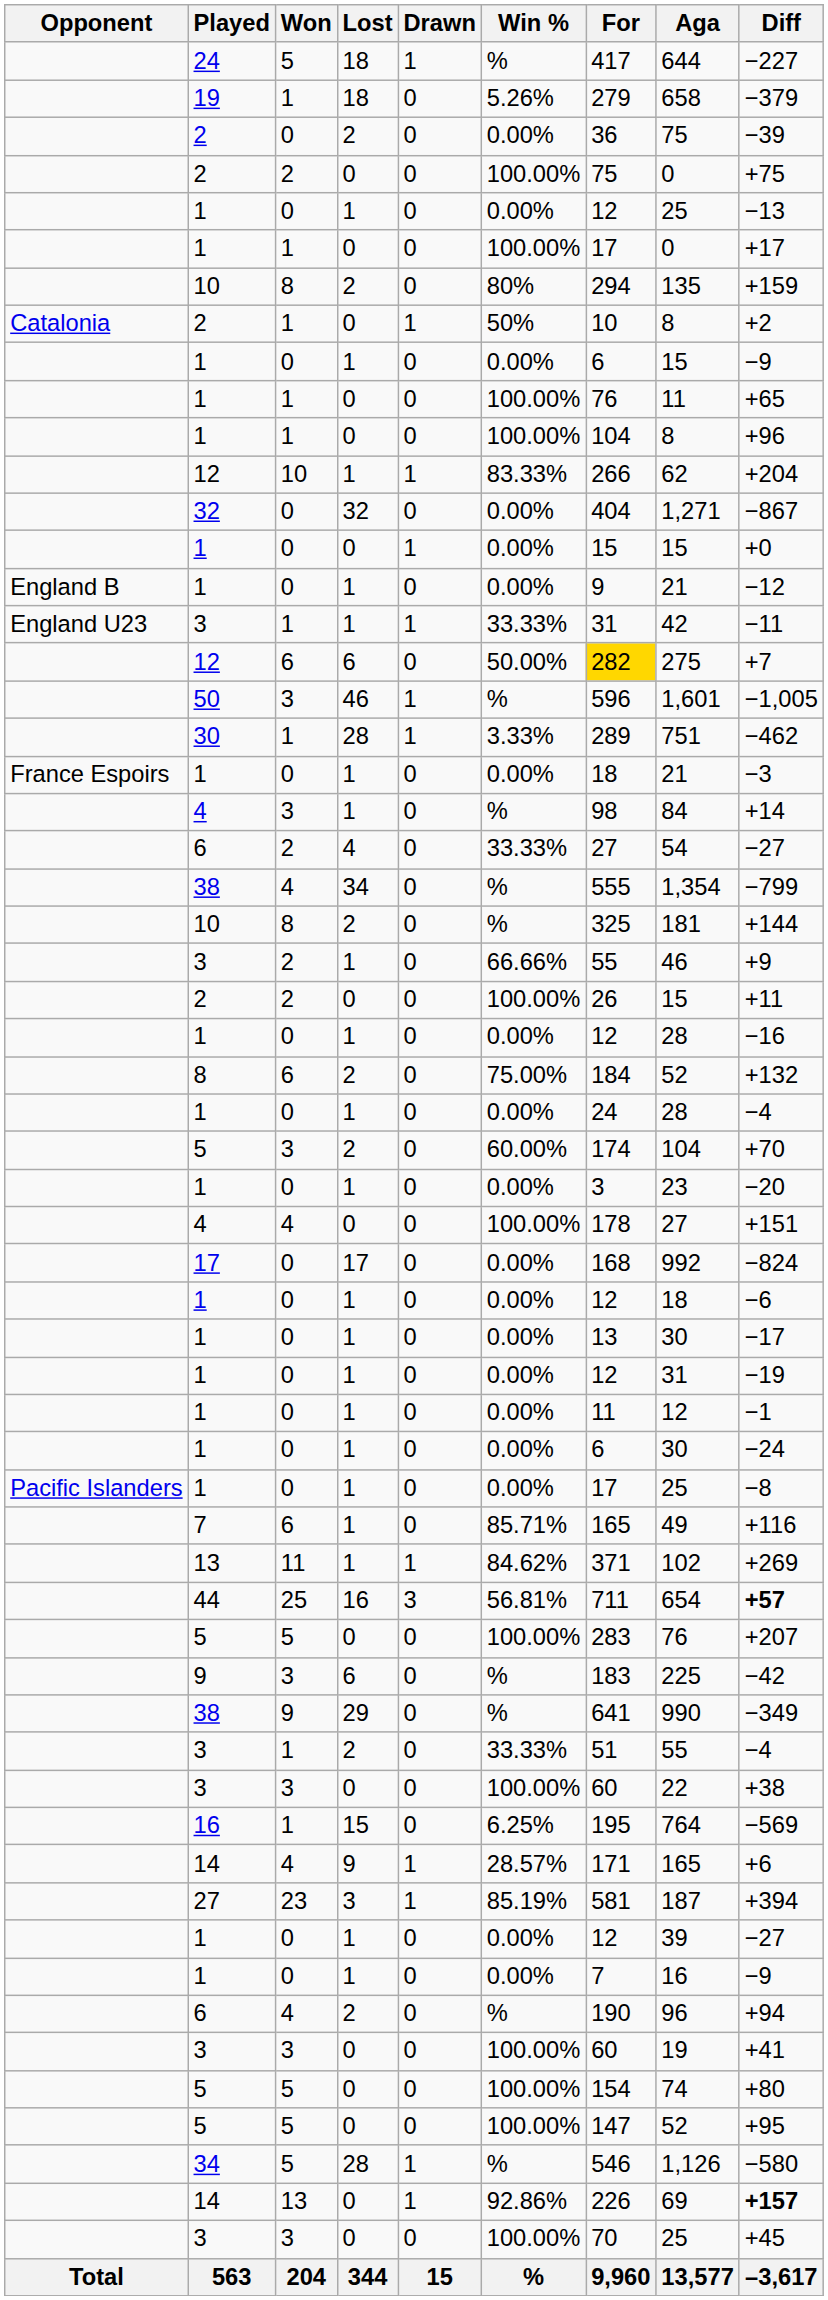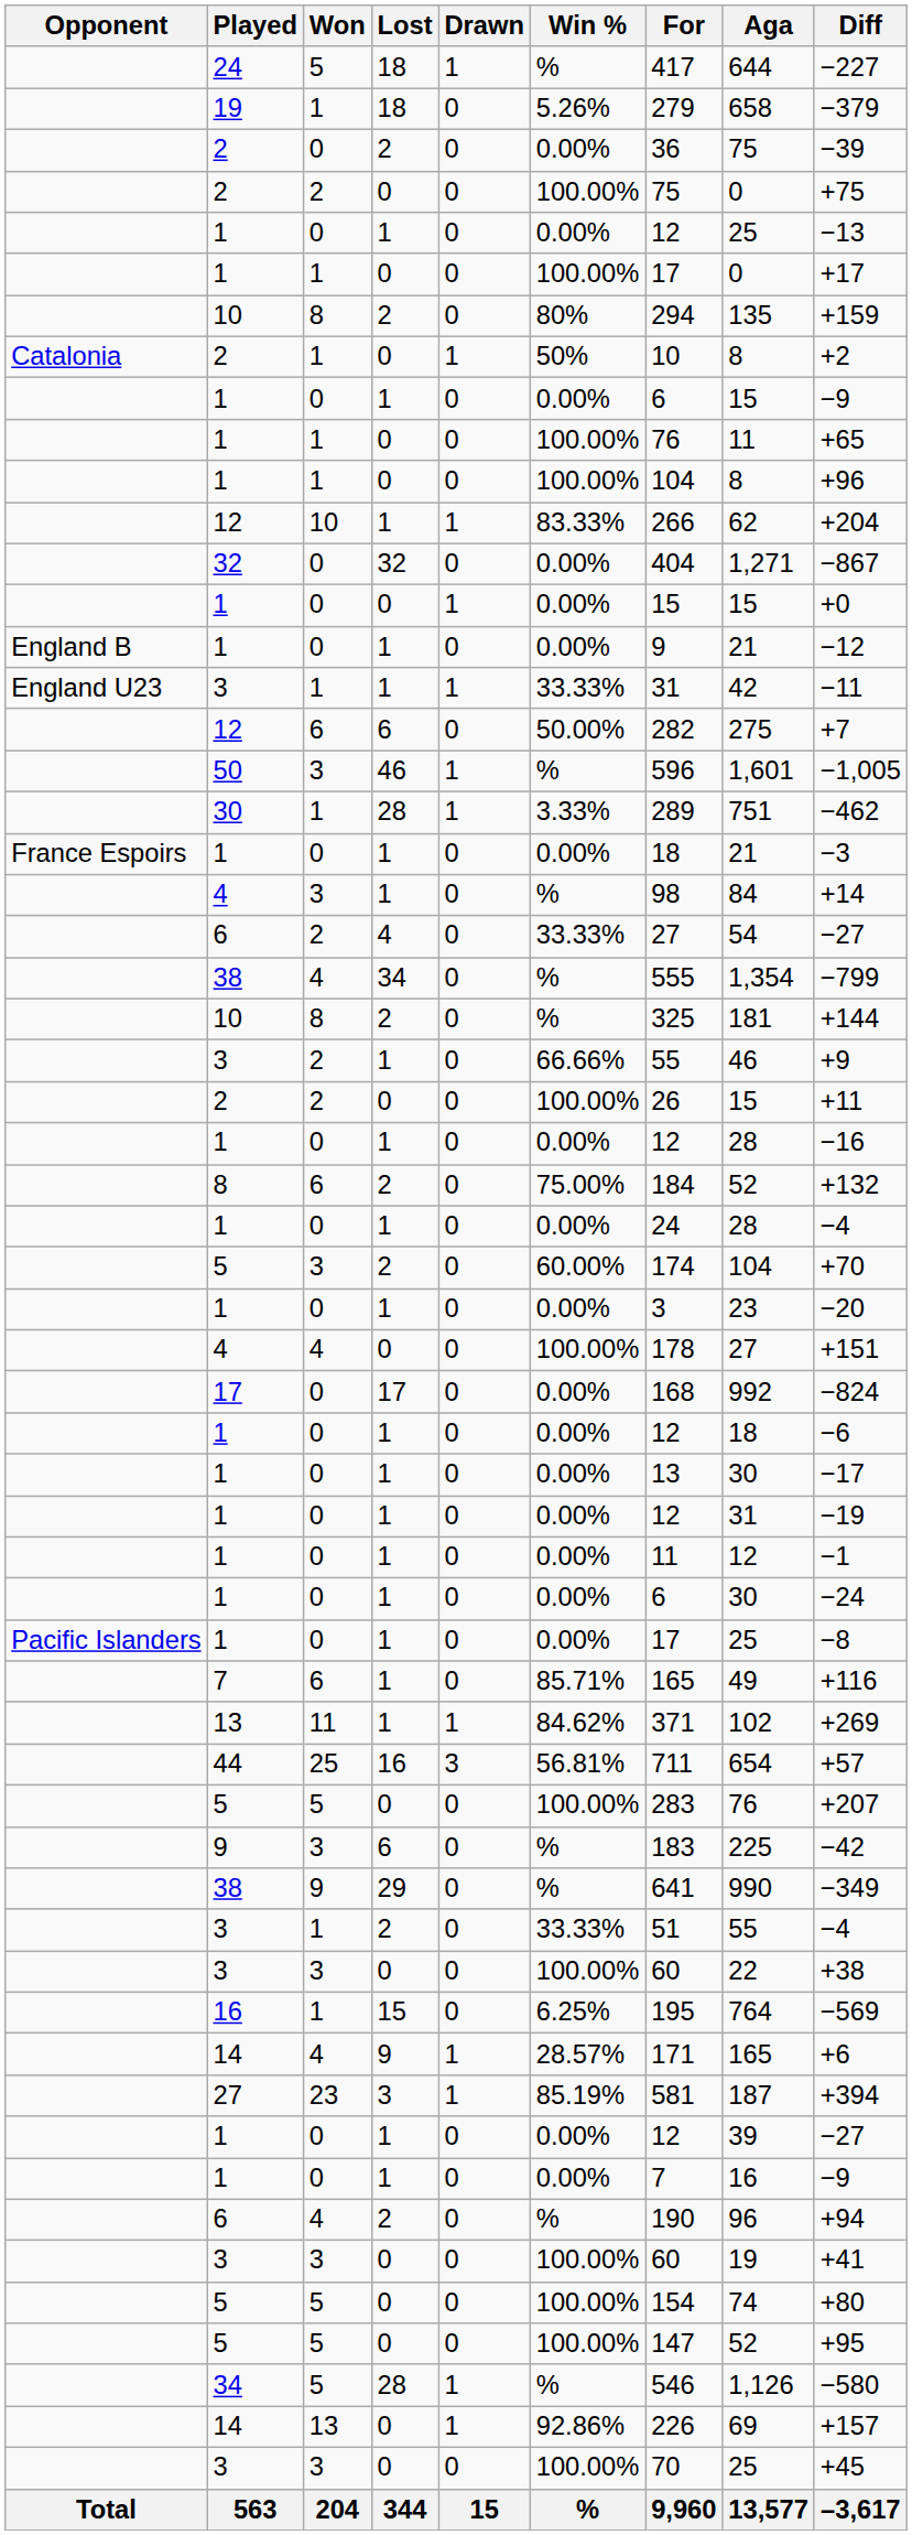 <table class="wikitable sortable">
 <tr>
 <th>Opponent</th>
 <th>Played</th>
 <th>Won</th>
 <th>Lost</th>
 <th>Drawn</th>
 <th>Win %</th>
 <th>For</th>
 <th>Aga</th>
 <th>Diff</th>
 </tr>
 <tr>
 <td></td>
 <td><a href='#'>24</a></td>
 <td>5</td>
 <td>18</td>
 <td>1</td>
 <td>%</td>
 <td>417</td>
 <td>644</td>
 <td>−227</td>
 </tr>
 <tr>
 <td></td>
 <td><a href='#'>19</a></td>
 <td>1</td>
 <td>18</td>
 <td>0</td>
 <td>5.26%</td>
 <td>279</td>
 <td>658</td>
 <td>−379</td>
 </tr>
 <tr>
 <td></td>
 <td><a href='#'>2</a></td>
 <td>0</td>
 <td>2</td>
 <td>0</td>
 <td>0.00%</td>
 <td>36</td>
 <td>75</td>
 <td>−39</td>
 </tr>
 <tr>
 <td></td>
 <td>2</td>
 <td>2</td>
 <td>0</td>
 <td>0</td>
 <td>100.00%</td>
 <td>75</td>
 <td>0</td>
 <td>+75</td>
 </tr>
 <tr>
 <td></td>
 <td>1</td>
 <td>0</td>
 <td>1</td>
 <td>0</td>
 <td>0.00%</td>
 <td>12</td>
 <td>25</td>
 <td>−13</td>
 </tr>
 <tr>
 <td></td>
 <td>1</td>
 <td>1</td>
 <td>0</td>
 <td>0</td>
 <td>100.00%</td>
 <td>17</td>
 <td>0</td>
 <td>+17</td>
 </tr>
 <tr>
 <td></td>
 <td>10</td>
 <td>8</td>
 <td>2</td>
 <td>0</td>
 <td>80%</td>
 <td>294</td>
 <td>135</td>
 <td>+159</td>
 </tr>
 <tr>
 <td> <a href='#'>Catalonia</a></td>
 <td>2</td>
 <td>1</td>
 <td>0</td>
 <td>1</td>
 <td>50%</td>
 <td>10</td>
 <td>8</td>
 <td>+2</td>
 </tr>
 <tr>
 <td></td>
 <td>1</td>
 <td>0</td>
 <td>1</td>
 <td>0</td>
 <td>0.00%</td>
 <td>6</td>
 <td>15</td>
 <td>−9</td>
 </tr>
 <tr>
 <td></td>
 <td>1</td>
 <td>1</td>
 <td>0</td>
 <td>0</td>
 <td>100.00%</td>
 <td>76</td>
 <td>11</td>
 <td>+65</td>
 </tr>
 <tr>
 <td></td>
 <td>1</td>
 <td>1</td>
 <td>0</td>
 <td>0</td>
 <td>100.00%</td>
 <td>104</td>
 <td>8</td>
 <td>+96</td>
 </tr>
 <tr>
 <td></td>
 <td>12</td>
 <td>10</td>
 <td>1</td>
 <td>1</td>
 <td>83.33%</td>
 <td>266</td>
 <td>62</td>
 <td>+204</td>
 </tr>
 <tr>
 <td></td>
 <td><a href='#'>32</a></td>
 <td>0</td>
 <td>32</td>
 <td>0</td>
 <td>0.00%</td>
 <td>404</td>
 <td>1,271</td>
 <td>−867</td>
 </tr>
 <tr>
 <td></td>
 <td><a href='#'>1</a></td>
 <td>0</td>
 <td>0</td>
 <td>1</td>
 <td>0.00%</td>
 <td>15</td>
 <td>15</td>
 <td>+0</td>
 </tr>
 <tr>
 <td> England B</td>
 <td>1</td>
 <td>0</td>
 <td>1</td>
 <td>0</td>
 <td>0.00%</td>
 <td>9</td>
 <td>21</td>
 <td>−12</td>
 </tr>
 <tr>
 <td> England U23</td>
 <td>3</td>
 <td>1</td>
 <td>1</td>
 <td>1</td>
 <td>33.33%</td>
 <td>31</td>
 <td>42</td>
 <td>−11</td>
 </tr>
 <tr>
 <td></td>
 <td><a href='#'>12</a></td>
 <td>6</td>
 <td>6</td>
 <td>0</td>
 <td>50.00%</td>
-<td style="background: gold;">282</td>
+<td>282</td>
 <td>275</td>
 <td>+7</td>
 </tr>
 <tr>
 <td></td>
 <td><a href='#'>50</a></td>
 <td>3</td>
 <td>46</td>
 <td>1</td>
 <td>%</td>
 <td>596</td>
 <td>1,601</td>
 <td>−1,005</td>
 </tr>
 <tr>
 <td></td>
 <td><a href='#'>30</a></td>
 <td>1</td>
 <td>28</td>
 <td>1</td>
 <td>3.33%</td>
 <td>289</td>
 <td>751</td>
 <td>−462</td>
 </tr>
 <tr>
 <td> France Espoirs</td>
 <td>1</td>
 <td>0</td>
 <td>1</td>
 <td>0</td>
 <td>0.00%</td>
 <td>18</td>
 <td>21</td>
 <td>−3</td>
 </tr>
 <tr>
 <td></td>
 <td><a href='#'>4</a></td>
 <td>3</td>
 <td>1</td>
 <td>0</td>
 <td>%</td>
 <td>98</td>
 <td>84</td>
 <td>+14</td>
 </tr>
 <tr>
 <td></td>
 <td>6</td>
 <td>2</td>
 <td>4</td>
 <td>0</td>
 <td>33.33%</td>
 <td>27</td>
 <td>54</td>
 <td>−27</td>
 </tr>
 <tr>
 <td></td>
 <td><a href='#'>38</a></td>
 <td>4</td>
 <td>34</td>
 <td>0</td>
 <td>%</td>
 <td>555</td>
 <td>1,354</td>
 <td>−799</td>
 </tr>
 <tr>
 <td></td>
 <td>10</td>
 <td>8</td>
 <td>2</td>
 <td>0</td>
 <td>%</td>
 <td>325</td>
 <td>181</td>
 <td>+144</td>
 </tr>
 <tr>
 <td></td>
 <td>3</td>
 <td>2</td>
 <td>1</td>
 <td>0</td>
 <td>66.66%</td>
 <td>55</td>
 <td>46</td>
 <td>+9</td>
 </tr>
 <tr>
 <td></td>
 <td>2</td>
 <td>2</td>
 <td>0</td>
 <td>0</td>
 <td>100.00%</td>
 <td>26</td>
 <td>15</td>
 <td>+11</td>
 </tr>
 <tr>
 <td></td>
 <td>1</td>
 <td>0</td>
 <td>1</td>
 <td>0</td>
 <td>0.00%</td>
 <td>12</td>
 <td>28</td>
 <td>−16</td>
 </tr>
 <tr>
 <td></td>
 <td>8</td>
 <td>6</td>
 <td>2</td>
 <td>0</td>
 <td>75.00%</td>
 <td>184</td>
 <td>52</td>
 <td>+132</td>
 </tr>
 <tr>
 <td></td>
 <td>1</td>
 <td>0</td>
 <td>1</td>
 <td>0</td>
 <td>0.00%</td>
 <td>24</td>
 <td>28</td>
 <td>−4</td>
 </tr>
 <tr>
 <td></td>
 <td>5</td>
 <td>3</td>
 <td>2</td>
 <td>0</td>
 <td>60.00%</td>
 <td>174</td>
 <td>104</td>
 <td>+70</td>
 </tr>
 <tr>
 <td></td>
 <td>1</td>
 <td>0</td>
 <td>1</td>
 <td>0</td>
 <td>0.00%</td>
 <td>3</td>
 <td>23</td>
 <td>−20</td>
 </tr>
 <tr>
 <td></td>
 <td>4</td>
 <td>4</td>
 <td>0</td>
 <td>0</td>
 <td>100.00%</td>
 <td>178</td>
 <td>27</td>
 <td>+151</td>
 </tr>
 <tr>
 <td></td>
 <td><a href='#'>17</a></td>
 <td>0</td>
 <td>17</td>
 <td>0</td>
 <td>0.00%</td>
 <td>168</td>
 <td>992</td>
 <td>−824</td>
 </tr>
 <tr>
 <td></td>
 <td><a href='#'>1</a></td>
 <td>0</td>
 <td>1</td>
 <td>0</td>
 <td>0.00%</td>
 <td>12</td>
 <td>18</td>
 <td>−6</td>
 </tr>
 <tr>
 <td></td>
 <td>1</td>
 <td>0</td>
 <td>1</td>
 <td>0</td>
 <td>0.00%</td>
 <td>13</td>
 <td>30</td>
 <td>−17</td>
 </tr>
 <tr>
 <td></td>
 <td>1</td>
 <td>0</td>
 <td>1</td>
 <td>0</td>
 <td>0.00%</td>
 <td>12</td>
 <td>31</td>
 <td>−19</td>
 </tr>
 <tr>
 <td></td>
 <td>1</td>
 <td>0</td>
 <td>1</td>
 <td>0</td>
 <td>0.00%</td>
 <td>11</td>
 <td>12</td>
 <td>−1</td>
 </tr>
 <tr>
 <td></td>
 <td>1</td>
 <td>0</td>
 <td>1</td>
 <td>0</td>
 <td>0.00%</td>
 <td>6</td>
 <td>30</td>
 <td>−24</td>
 </tr>
 <tr>
 <td> <a href='#'>Pacific Islanders</a></td>
 <td>1</td>
 <td>0</td>
 <td>1</td>
 <td>0</td>
 <td>0.00%</td>
 <td>17</td>
 <td>25</td>
 <td>−8</td>
 </tr>
 <tr>
 <td></td>
 <td>7</td>
 <td>6</td>
 <td>1</td>
 <td>0</td>
 <td>85.71%</td>
 <td>165</td>
 <td>49</td>
 <td>+116</td>
 </tr>
 <tr>
 <td></td>
 <td>13</td>
 <td>11</td>
 <td>1</td>
 <td>1</td>
 <td>84.62%</td>
 <td>371</td>
 <td>102</td>
 <td>+269</td>
 </tr>
 <tr>
 <td></td>
 <td>44</td>
 <td>25</td>
 <td>16</td>
 <td>3</td>
 <td>56.81%</td>
 <td>711</td>
 <td>654</td>
-<td><strong>+57</strong></td>
+<td>+57</td>
 </tr>
 <tr>
 <td></td>
 <td>5</td>
 <td>5</td>
 <td>0</td>
 <td>0</td>
 <td>100.00%</td>
 <td>283</td>
 <td>76</td>
 <td>+207</td>
 </tr>
 <tr>
 <td></td>
 <td>9</td>
 <td>3</td>
 <td>6</td>
 <td>0</td>
 <td>%</td>
 <td>183</td>
 <td>225</td>
 <td>−42</td>
 </tr>
 <tr>
 <td></td>
 <td><a href='#'>38</a></td>
 <td>9</td>
 <td>29</td>
 <td>0</td>
 <td>%</td>
 <td>641</td>
 <td>990</td>
 <td>−349</td>
 </tr>
 <tr>
 <td></td>
 <td>3</td>
 <td>1</td>
 <td>2</td>
 <td>0</td>
 <td>33.33%</td>
 <td>51</td>
 <td>55</td>
 <td>−4</td>
 </tr>
 <tr>
 <td></td>
 <td>3</td>
 <td>3</td>
 <td>0</td>
 <td>0</td>
 <td>100.00%</td>
 <td>60</td>
 <td>22</td>
 <td>+38</td>
 </tr>
 <tr>
 <td></td>
 <td><a href='#'>16</a></td>
 <td>1</td>
 <td>15</td>
 <td>0</td>
 <td>6.25%</td>
 <td>195</td>
 <td>764</td>
 <td>−569</td>
 </tr>
 <tr>
 <td></td>
 <td>14</td>
 <td>4</td>
 <td>9</td>
 <td>1</td>
 <td>28.57%</td>
 <td>171</td>
 <td>165</td>
 <td>+6</td>
 </tr>
 <tr>
 <td></td>
 <td>27</td>
 <td>23</td>
 <td>3</td>
 <td>1</td>
 <td>85.19%</td>
 <td>581</td>
 <td>187</td>
 <td>+394</td>
 </tr>
 <tr>
 <td></td>
 <td>1</td>
 <td>0</td>
 <td>1</td>
 <td>0</td>
 <td>0.00%</td>
 <td>12</td>
 <td>39</td>
 <td>−27</td>
 </tr>
 <tr>
 <td></td>
 <td>1</td>
 <td>0</td>
 <td>1</td>
 <td>0</td>
 <td>0.00%</td>
 <td>7</td>
 <td>16</td>
 <td>−9</td>
 </tr>
 <tr>
 <td></td>
 <td>6</td>
 <td>4</td>
 <td>2</td>
 <td>0</td>
 <td>%</td>
 <td>190</td>
 <td>96</td>
 <td>+94</td>
 </tr>
 <tr>
 <td></td>
 <td>3</td>
 <td>3</td>
 <td>0</td>
 <td>0</td>
 <td>100.00%</td>
 <td>60</td>
 <td>19</td>
 <td>+41</td>
 </tr>
 <tr>
 <td></td>
 <td>5</td>
 <td>5</td>
 <td>0</td>
 <td>0</td>
 <td>100.00%</td>
 <td>154</td>
 <td>74</td>
 <td>+80</td>
 </tr>
 <tr>
 <td></td>
 <td>5</td>
 <td>5</td>
 <td>0</td>
 <td>0</td>
 <td>100.00%</td>
 <td>147</td>
 <td>52</td>
 <td>+95</td>
 </tr>
 <tr>
 <td></td>
 <td><a href='#'>34</a></td>
 <td>5</td>
 <td>28</td>
 <td>1</td>
 <td>%</td>
 <td>546</td>
 <td>1,126</td>
 <td>−580</td>
 </tr>
 <tr>
 <td></td>
 <td>14</td>
 <td>13</td>
 <td>0</td>
 <td>1</td>
 <td>92.86%</td>
 <td>226</td>
 <td>69</td>
-<td><strong>+157</strong></td>
+<td>+157</td>
 </tr>
 <tr>
 <td></td>
 <td>3</td>
 <td>3</td>
 <td>0</td>
 <td>0</td>
 <td>100.00%</td>
 <td>70</td>
 <td>25</td>
 <td>+45</td>
 </tr>
 <tr class="sortbottom">
 <th>Total</th>
 <th>563</th>
 <th>204</th>
 <th>344</th>
 <th>15</th>
 <th>%</th>
 <th>9,960</th>
 <th>13,577</th>
 <th>–3,617</th>
 </tr>
 </table>
